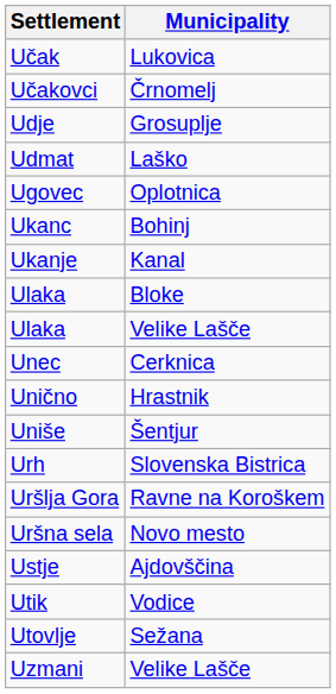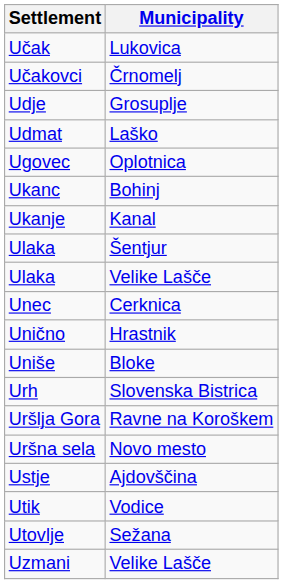 <table class="wikitable sortable">
 <tr>
 <th>Settlement</th>
 <th><a href='#'>Municipality</a></th>
 </tr>
 <tr>
 <td><a href='#'>Učak</a></td>
 <td><a href='#'>Lukovica</a></td>
 </tr>
 <tr>
 <td><a href='#'>Učakovci</a></td>
 <td><a href='#'>Črnomelj</a></td>
 </tr>
 <tr>
 <td><a href='#'>Udje</a></td>
 <td><a href='#'>Grosuplje</a></td>
 </tr>
 <tr>
 <td><a href='#'>Udmat</a></td>
 <td><a href='#'>Laško</a></td>
 </tr>
 <tr>
 <td><a href='#'>Ugovec</a></td>
 <td><a href='#'>Oplotnica</a></td>
 </tr>
 <tr>
 <td><a href='#'>Ukanc</a></td>
 <td><a href='#'>Bohinj</a></td>
 </tr>
 <tr>
 <td><a href='#'>Ukanje</a></td>
 <td><a href='#'>Kanal</a></td>
 </tr>
 <tr>
 <td><a href='#'>Ulaka</a></td>
-<td><a href='#'>Bloke</a></td>
+<td><a href='#'>Šentjur</a></td>
 </tr>
 <tr>
 <td><a href='#'>Ulaka</a></td>
 <td><a href='#'>Velike Lašče</a></td>
 </tr>
 <tr>
 <td><a href='#'>Unec</a></td>
 <td><a href='#'>Cerknica</a></td>
 </tr>
 <tr>
 <td><a href='#'>Unično</a></td>
 <td><a href='#'>Hrastnik</a></td>
 </tr>
 <tr>
 <td><a href='#'>Uniše</a></td>
-<td><a href='#'>Šentjur</a></td>
+<td><a href='#'>Bloke</a></td>
 </tr>
 <tr>
 <td><a href='#'>Urh</a></td>
 <td><a href='#'>Slovenska Bistrica</a></td>
 </tr>
 <tr>
 <td><a href='#'>Uršlja Gora</a></td>
 <td><a href='#'>Ravne na Koroškem</a></td>
 </tr>
 <tr>
 <td><a href='#'>Uršna sela</a></td>
 <td><a href='#'>Novo mesto</a></td>
 </tr>
 <tr>
 <td><a href='#'>Ustje</a></td>
 <td><a href='#'>Ajdovščina</a></td>
 </tr>
 <tr>
 <td><a href='#'>Utik</a></td>
 <td><a href='#'>Vodice</a></td>
 </tr>
 <tr>
 <td><a href='#'>Utovlje</a></td>
 <td><a href='#'>Sežana</a></td>
 </tr>
 <tr>
 <td><a href='#'>Uzmani</a></td>
 <td><a href='#'>Velike Lašče</a></td>
 </tr>
 </table>
